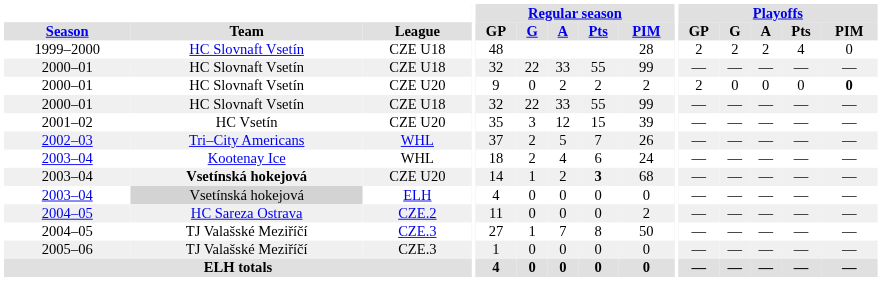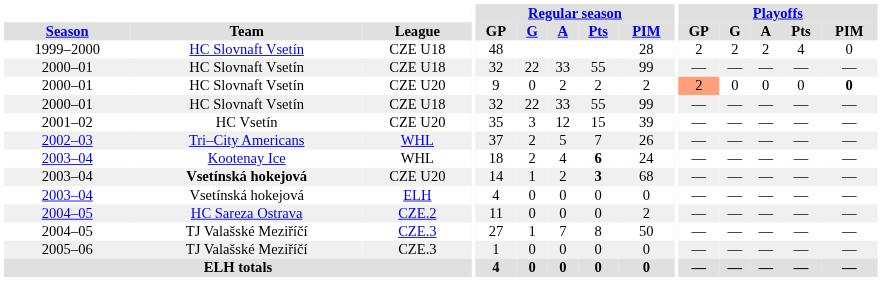 <table border="0" cellpadding="1" cellspacing="0" style="text-align:center; width:60em">
 <tr bgcolor="#e0e0e0">
 <th colspan="3" bgcolor="#ffffff"></th>
 <th rowspan="99" bgcolor="#ffffff"></th>
 <th colspan="5"><a href='#'>Regular season</a></th>
 <th rowspan="99" bgcolor="#ffffff"></th>
 <th colspan="5"><a href='#'>Playoffs</a></th>
 </tr>
 <tr bgcolor="#e0e0e0">
 <th><a href='#'>Season</a></th>
 <th>Team</th>
 <th>League</th>
 <th>GP</th>
 <th><a href='#'>G</a></th>
 <th><a href='#'>A</a></th>
 <th><a href='#'>Pts</a></th>
 <th><a href='#'>PIM</a></th>
 <th>GP</th>
 <th>G</th>
 <th>A</th>
 <th>Pts</th>
 <th>PIM</th>
 </tr>
 <tr>
 <td>1999–2000</td>
 <td><a href='#'>HC Slovnaft Vsetín</a></td>
 <td>CZE U18</td>
 <td>48</td>
 <td></td>
 <td></td>
 <td></td>
 <td>28</td>
 <td>2</td>
 <td>2</td>
 <td>2</td>
 <td>4</td>
 <td>0</td>
 </tr>
 <tr bgcolor="#f0f0f0">
 <td>2000–01</td>
 <td>HC Slovnaft Vsetín</td>
 <td>CZE U18</td>
 <td>32</td>
 <td>22</td>
 <td>33</td>
 <td>55</td>
 <td>99</td>
 <td>—</td>
 <td>—</td>
 <td>—</td>
 <td>—</td>
 <td>—</td>
 </tr>
 <tr>
 <td>2000–01</td>
 <td>HC Slovnaft Vsetín</td>
 <td>CZE U20</td>
 <td>9</td>
 <td>0</td>
 <td>2</td>
 <td>2</td>
 <td>2</td>
-<td>2</td>
+<td style="background: lightsalmon;">2</td>
 <td>0</td>
 <td>0</td>
 <td>0</td>
 <td><strong>0</strong></td>
 </tr>
 <tr bgcolor="#f0f0f0">
 <td>2000–01</td>
 <td>HC Slovnaft Vsetín</td>
 <td>CZE U18</td>
 <td>32</td>
 <td>22</td>
 <td>33</td>
 <td>55</td>
 <td>99</td>
 <td>—</td>
 <td>—</td>
 <td>—</td>
 <td>—</td>
 <td>—</td>
 </tr>
 <tr>
 <td>2001–02</td>
 <td>HC Vsetín</td>
 <td>CZE U20</td>
 <td>35</td>
 <td>3</td>
 <td>12</td>
 <td>15</td>
 <td>39</td>
 <td>—</td>
 <td>—</td>
 <td>—</td>
 <td>—</td>
 <td>—</td>
 </tr>
 <tr bgcolor="#f0f0f0">
 <td><a href='#'>2002–03</a></td>
 <td><a href='#'>Tri–City Americans</a></td>
 <td><a href='#'>WHL</a></td>
 <td>37</td>
 <td>2</td>
 <td>5</td>
 <td>7</td>
 <td>26</td>
 <td>—</td>
 <td>—</td>
 <td>—</td>
 <td>—</td>
 <td>—</td>
 </tr>
 <tr>
 <td><a href='#'>2003–04</a></td>
 <td><a href='#'>Kootenay Ice</a></td>
 <td>WHL</td>
 <td>18</td>
 <td>2</td>
 <td>4</td>
-<td>6</td>
+<td><strong>6</strong></td>
 <td>24</td>
 <td>—</td>
 <td>—</td>
 <td>—</td>
 <td>—</td>
 <td>—</td>
 </tr>
 <tr bgcolor="#f0f0f0">
 <td>2003–04</td>
 <td><strong>Vsetínská hokejová</strong></td>
 <td>CZE U20</td>
 <td>14</td>
 <td>1</td>
 <td>2</td>
 <td><strong>3</strong></td>
 <td>68</td>
 <td>—</td>
 <td>—</td>
 <td>—</td>
 <td>—</td>
 <td>—</td>
 </tr>
 <tr>
 <td><a href='#'>2003–04</a></td>
-<td style="background: lightgrey;">Vsetínská hokejová</td>
+<td>Vsetínská hokejová</td>
 <td><a href='#'>ELH</a></td>
 <td>4</td>
 <td>0</td>
 <td>0</td>
 <td>0</td>
 <td>0</td>
 <td>—</td>
 <td>—</td>
 <td>—</td>
 <td>—</td>
 <td>—</td>
 </tr>
 <tr bgcolor="#f0f0f0">
 <td><a href='#'>2004–05</a></td>
 <td><a href='#'>HC Sareza Ostrava</a></td>
 <td><a href='#'>CZE.2</a></td>
 <td>11</td>
 <td>0</td>
 <td>0</td>
 <td>0</td>
 <td>2</td>
 <td>—</td>
 <td>—</td>
 <td>—</td>
 <td>—</td>
 <td>—</td>
 </tr>
 <tr>
 <td>2004–05</td>
 <td>TJ Valašské Meziříčí</td>
 <td><a href='#'>CZE.3</a></td>
 <td>27</td>
 <td>1</td>
 <td>7</td>
 <td>8</td>
 <td>50</td>
 <td>—</td>
 <td>—</td>
 <td>—</td>
 <td>—</td>
 <td>—</td>
 </tr>
 <tr bgcolor="#f0f0f0">
 <td>2005–06</td>
 <td>TJ Valašské Meziříčí</td>
 <td>CZE.3</td>
 <td>1</td>
 <td>0</td>
 <td>0</td>
 <td>0</td>
 <td>0</td>
 <td>—</td>
 <td>—</td>
 <td>—</td>
 <td>—</td>
 <td>—</td>
 </tr>
 <tr bgcolor="#e0e0e0">
 <th colspan="3">ELH totals</th>
 <th>4</th>
 <th>0</th>
 <th>0</th>
 <th>0</th>
 <th>0</th>
 <th>—</th>
 <th>—</th>
 <th>—</th>
 <th>—</th>
 <th>—</th>
 </tr>
 </table>
